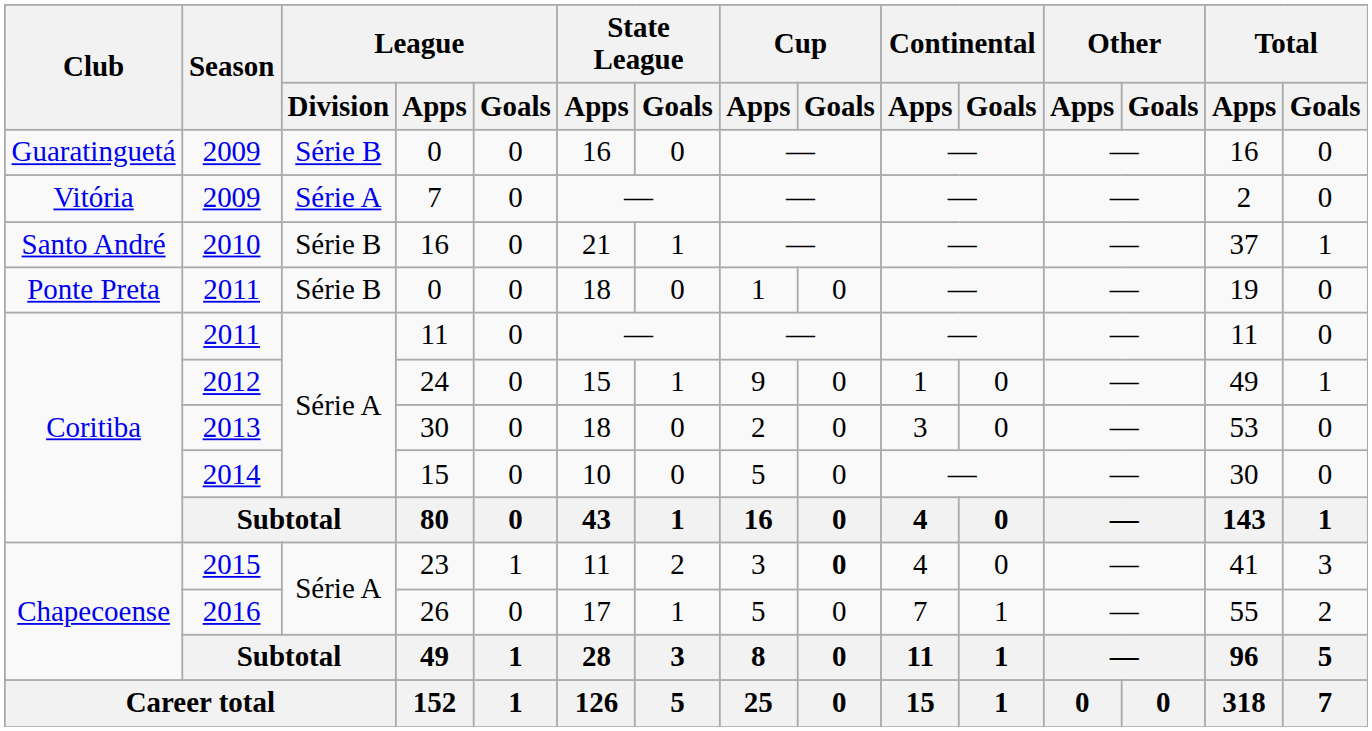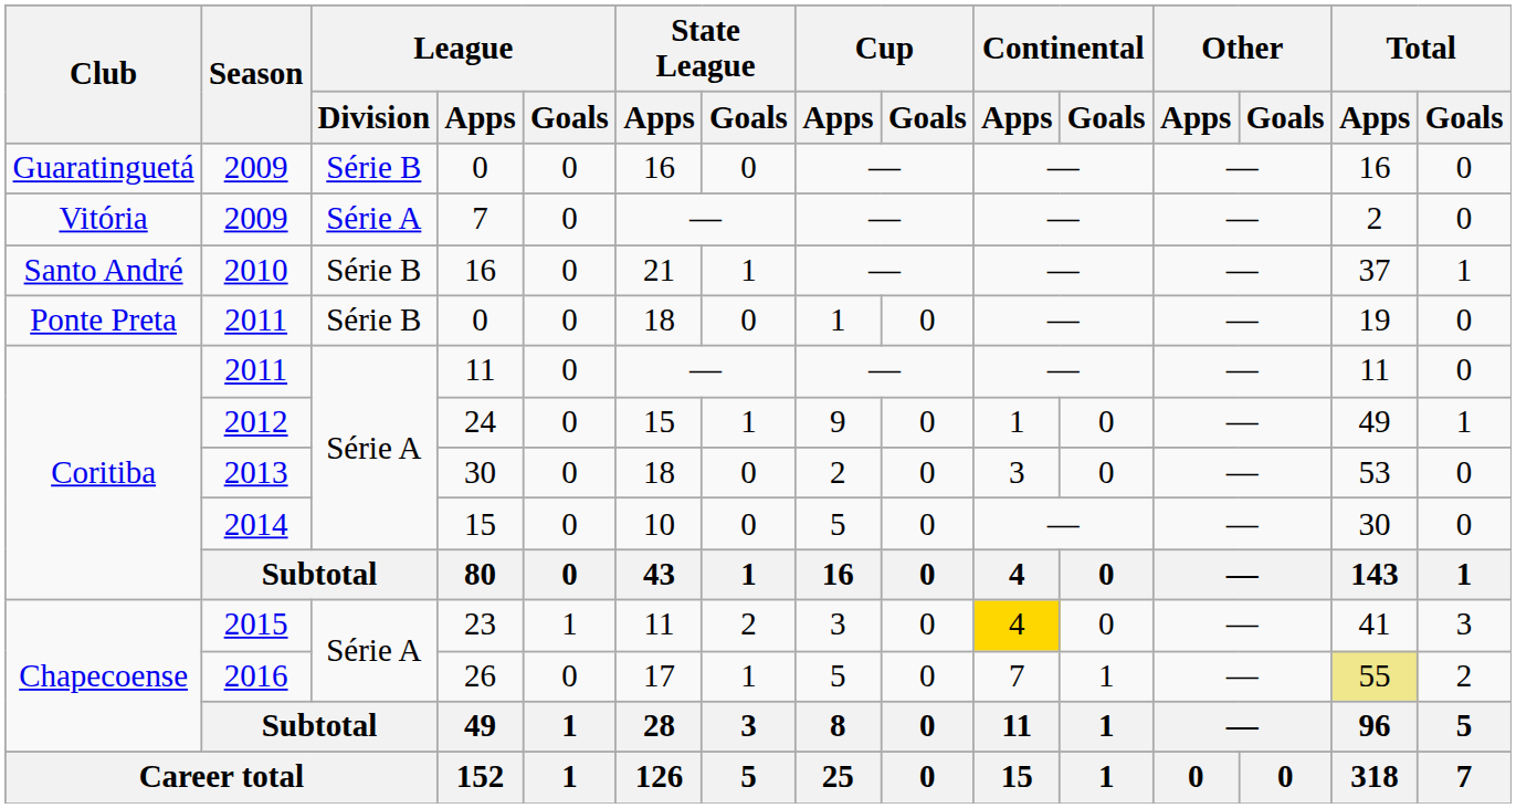 <table class="wikitable" style="text-align: center;">
 <tr>
 <th rowspan="2">Club</th>
 <th rowspan="2">Season</th>
 <th colspan="3">League</th>
 <th colspan="2">State League</th>
 <th colspan="2">Cup</th>
 <th colspan="2">Continental</th>
 <th colspan="2">Other</th>
 <th colspan="2">Total</th>
 </tr>
 <tr>
 <th>Division</th>
 <th>Apps</th>
 <th>Goals</th>
 <th>Apps</th>
 <th>Goals</th>
 <th>Apps</th>
 <th>Goals</th>
 <th>Apps</th>
 <th>Goals</th>
 <th>Apps</th>
 <th>Goals</th>
 <th>Apps</th>
 <th>Goals</th>
 </tr>
 <tr>
 <td valign="center"><a href='#'>Guaratinguetá</a></td>
 <td><a href='#'>2009</a></td>
 <td><a href='#'>Série B</a></td>
 <td>0</td>
 <td>0</td>
 <td>16</td>
 <td>0</td>
 <td colspan="2">—</td>
 <td colspan="2">—</td>
 <td colspan="2">—</td>
 <td>16</td>
 <td>0</td>
 </tr>
 <tr>
 <td valign="center"><a href='#'>Vitória</a></td>
 <td><a href='#'>2009</a></td>
 <td><a href='#'>Série A</a></td>
 <td>7</td>
 <td>0</td>
 <td colspan="2">—</td>
 <td colspan="2">—</td>
 <td colspan="2">—</td>
 <td colspan="2">—</td>
 <td>2</td>
 <td>0</td>
 </tr>
 <tr>
 <td valign="center"><a href='#'>Santo André</a></td>
 <td><a href='#'>2010</a></td>
 <td>Série B</td>
 <td>16</td>
 <td>0</td>
 <td>21</td>
 <td>1</td>
 <td colspan="2">—</td>
 <td colspan="2">—</td>
 <td colspan="2">—</td>
 <td>37</td>
 <td>1</td>
 </tr>
 <tr>
 <td valign="center"><a href='#'>Ponte Preta</a></td>
 <td><a href='#'>2011</a></td>
 <td>Série B</td>
 <td>0</td>
 <td>0</td>
 <td>18</td>
 <td>0</td>
 <td>1</td>
 <td>0</td>
 <td colspan="2">—</td>
 <td colspan="2">—</td>
 <td>19</td>
 <td>0</td>
 </tr>
 <tr>
 <td rowspan="5" valign="center"><a href='#'>Coritiba</a></td>
 <td><a href='#'>2011</a></td>
 <td rowspan="4">Série A</td>
 <td>11</td>
 <td>0</td>
 <td colspan="2">—</td>
 <td colspan="2">—</td>
 <td colspan="2">—</td>
 <td colspan="2">—</td>
 <td>11</td>
 <td>0</td>
 </tr>
 <tr>
 <td><a href='#'>2012</a></td>
 <td>24</td>
 <td>0</td>
 <td>15</td>
 <td>1</td>
 <td>9</td>
 <td>0</td>
 <td>1</td>
 <td>0</td>
 <td colspan="2">—</td>
 <td>49</td>
 <td>1</td>
 </tr>
 <tr>
 <td><a href='#'>2013</a></td>
 <td>30</td>
 <td>0</td>
 <td>18</td>
 <td>0</td>
 <td>2</td>
 <td>0</td>
 <td>3</td>
 <td>0</td>
 <td colspan="2">—</td>
 <td>53</td>
 <td>0</td>
 </tr>
 <tr>
 <td><a href='#'>2014</a></td>
 <td>15</td>
 <td>0</td>
 <td>10</td>
 <td>0</td>
 <td>5</td>
 <td>0</td>
 <td colspan="2">—</td>
 <td colspan="2">—</td>
 <td>30</td>
 <td>0</td>
 </tr>
 <tr>
 <th colspan="2">Subtotal</th>
 <th>80</th>
 <th>0</th>
 <th>43</th>
 <th>1</th>
 <th>16</th>
 <th>0</th>
 <th>4</th>
 <th>0</th>
 <th colspan="2">—</th>
 <th>143</th>
 <th>1</th>
 </tr>
 <tr>
 <td rowspan="3" valign="center"><a href='#'>Chapecoense</a></td>
 <td><a href='#'>2015</a></td>
 <td rowspan="2">Série A</td>
 <td>23</td>
 <td>1</td>
 <td>11</td>
 <td>2</td>
 <td>3</td>
-<td><strong>0</strong></td>
-<td>4</td>
+<td>0</td>
+<td style="background: gold;">4</td>
 <td>0</td>
 <td colspan="2">—</td>
 <td>41</td>
 <td>3</td>
 </tr>
 <tr>
 <td><a href='#'>2016</a></td>
 <td>26</td>
 <td>0</td>
 <td>17</td>
 <td>1</td>
 <td>5</td>
 <td>0</td>
 <td>7</td>
 <td>1</td>
 <td colspan="2">—</td>
-<td>55</td>
+<td style="background: khaki;">55</td>
 <td>2</td>
 </tr>
 <tr>
 <th colspan="2">Subtotal</th>
 <th>49</th>
 <th>1</th>
 <th>28</th>
 <th>3</th>
 <th>8</th>
 <th>0</th>
 <th>11</th>
 <th>1</th>
 <th colspan="2">—</th>
 <th>96</th>
 <th>5</th>
 </tr>
 <tr>
 <th colspan="3"><strong>Career total</strong></th>
 <th>152</th>
 <th>1</th>
 <th>126</th>
 <th>5</th>
 <th>25</th>
 <th>0</th>
 <th>15</th>
 <th>1</th>
 <th>0</th>
 <th>0</th>
 <th>318</th>
 <th>7</th>
 </tr>
 </table>
